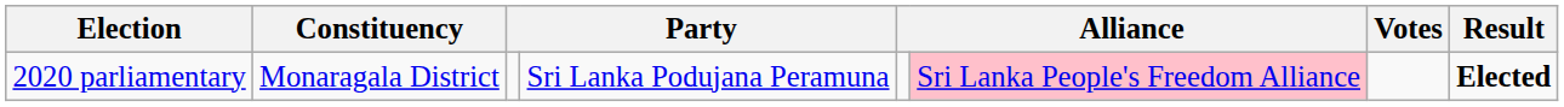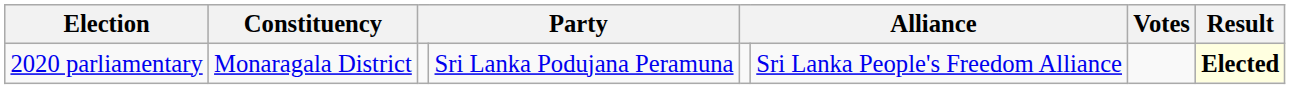 <table class="wikitable" style="text-align:left;">
 <tr>
 <th scope=col>Election</th>
 <th scope=col>Constituency</th>
 <th scope=col colspan="2">Party</th>
 <th scope=col colspan="2">Alliance</th>
 <th scope=col>Votes</th>
 <th scope=col>Result</th>
 </tr>
 <tr>
 <td><a href='#'>2020 parliamentary</a></td>
 <td><a href='#'>Monaragala District</a></td>
 <td style="background:"></td>
 <td><a href='#'>Sri Lanka Podujana Peramuna</a></td>
 <td style="background:"></td>
-<td style="background: pink;"><a href='#'>Sri Lanka People's Freedom Alliance</a></td>
+<td><a href='#'>Sri Lanka People's Freedom Alliance</a></td>
 <td align=right></td>
-<td><strong>Elected</strong></td>
+<td style="background: lightyellow;"><strong>Elected</strong></td>
 </tr>
 </table>
